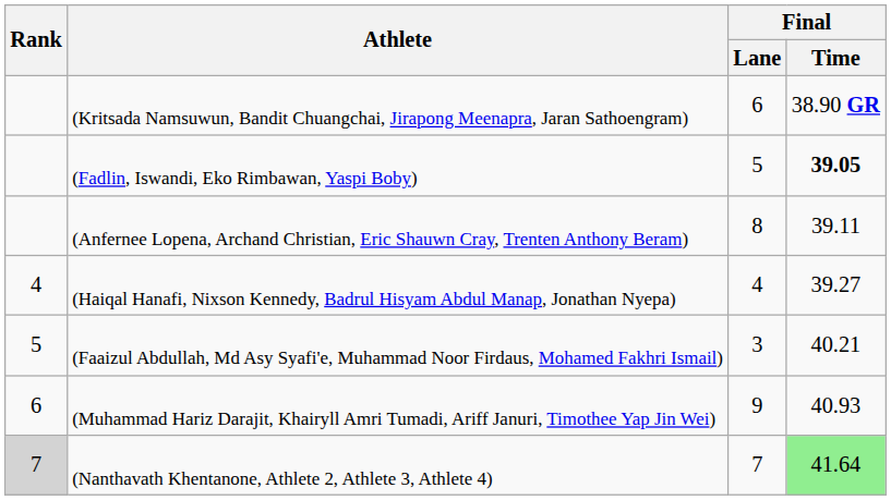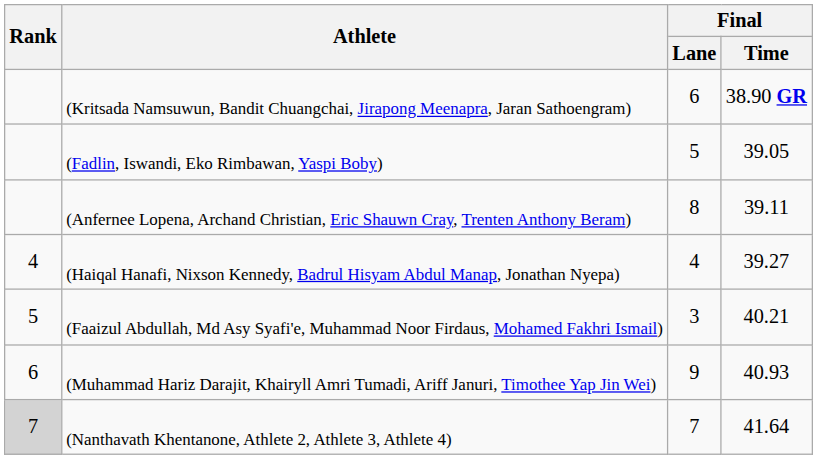 <table class="wikitable sortable"  style="text-align:center">
 <tr>
 <th rowspan="2" data-sort-type=number>Rank</th>
 <th rowspan="2">Athlete</th>
 <th colspan="2">Final</th>
 </tr>
 <tr>
 <th>Lane</th>
 <th>Time</th>
 </tr>
 <tr>
 <td></td>
 <td align="left"><br><small>(Kritsada Namsuwun, Bandit Chuangchai, <a href='#'>Jirapong Meenapra</a>, Jaran Sathoengram)</small></td>
 <td>6</td>
 <td>38.90 <strong><a href='#'>GR</a></strong></td>
 </tr>
 <tr>
 <td></td>
 <td align="left"><br><small>(<a href='#'>Fadlin</a>, Iswandi, Eko Rimbawan, <a href='#'>Yaspi Boby</a>)</small></td>
 <td>5</td>
-<td><strong>39.05</strong></td>
+<td>39.05</td>
 </tr>
 <tr>
 <td></td>
 <td align="left"><br><small>(Anfernee Lopena, Archand Christian, <a href='#'>Eric Shauwn Cray</a>, <a href='#'>Trenten Anthony Beram</a>)</small></td>
 <td>8</td>
 <td>39.11</td>
 </tr>
 <tr>
 <td>4</td>
 <td align="left"><br><small>(Haiqal Hanafi, Nixson Kennedy, <a href='#'>Badrul Hisyam Abdul Manap</a>, Jonathan Nyepa)</small></td>
 <td>4</td>
 <td>39.27</td>
 </tr>
 <tr>
 <td>5</td>
 <td align="left"><br><small>(Faaizul Abdullah, Md Asy Syafi'e, Muhammad Noor Firdaus, <a href='#'>Mohamed Fakhri Ismail</a>)</small></td>
 <td>3</td>
 <td>40.21</td>
 </tr>
 <tr>
 <td>6</td>
 <td align="left"><br><small>(Muhammad Hariz Darajit, Khairyll Amri Tumadi, Ariff Januri, <a href='#'>Timothee Yap Jin Wei</a>)</small></td>
 <td>9</td>
 <td>40.93</td>
 </tr>
 <tr>
 <td style="background: lightgrey;">7</td>
 <td align="left"><br><small>(Nanthavath Khentanone, Athlete 2, Athlete 3, Athlete 4)</small></td>
 <td>7</td>
-<td style="background: lightgreen;">41.64</td>
+<td>41.64</td>
 </tr>
 </table>
